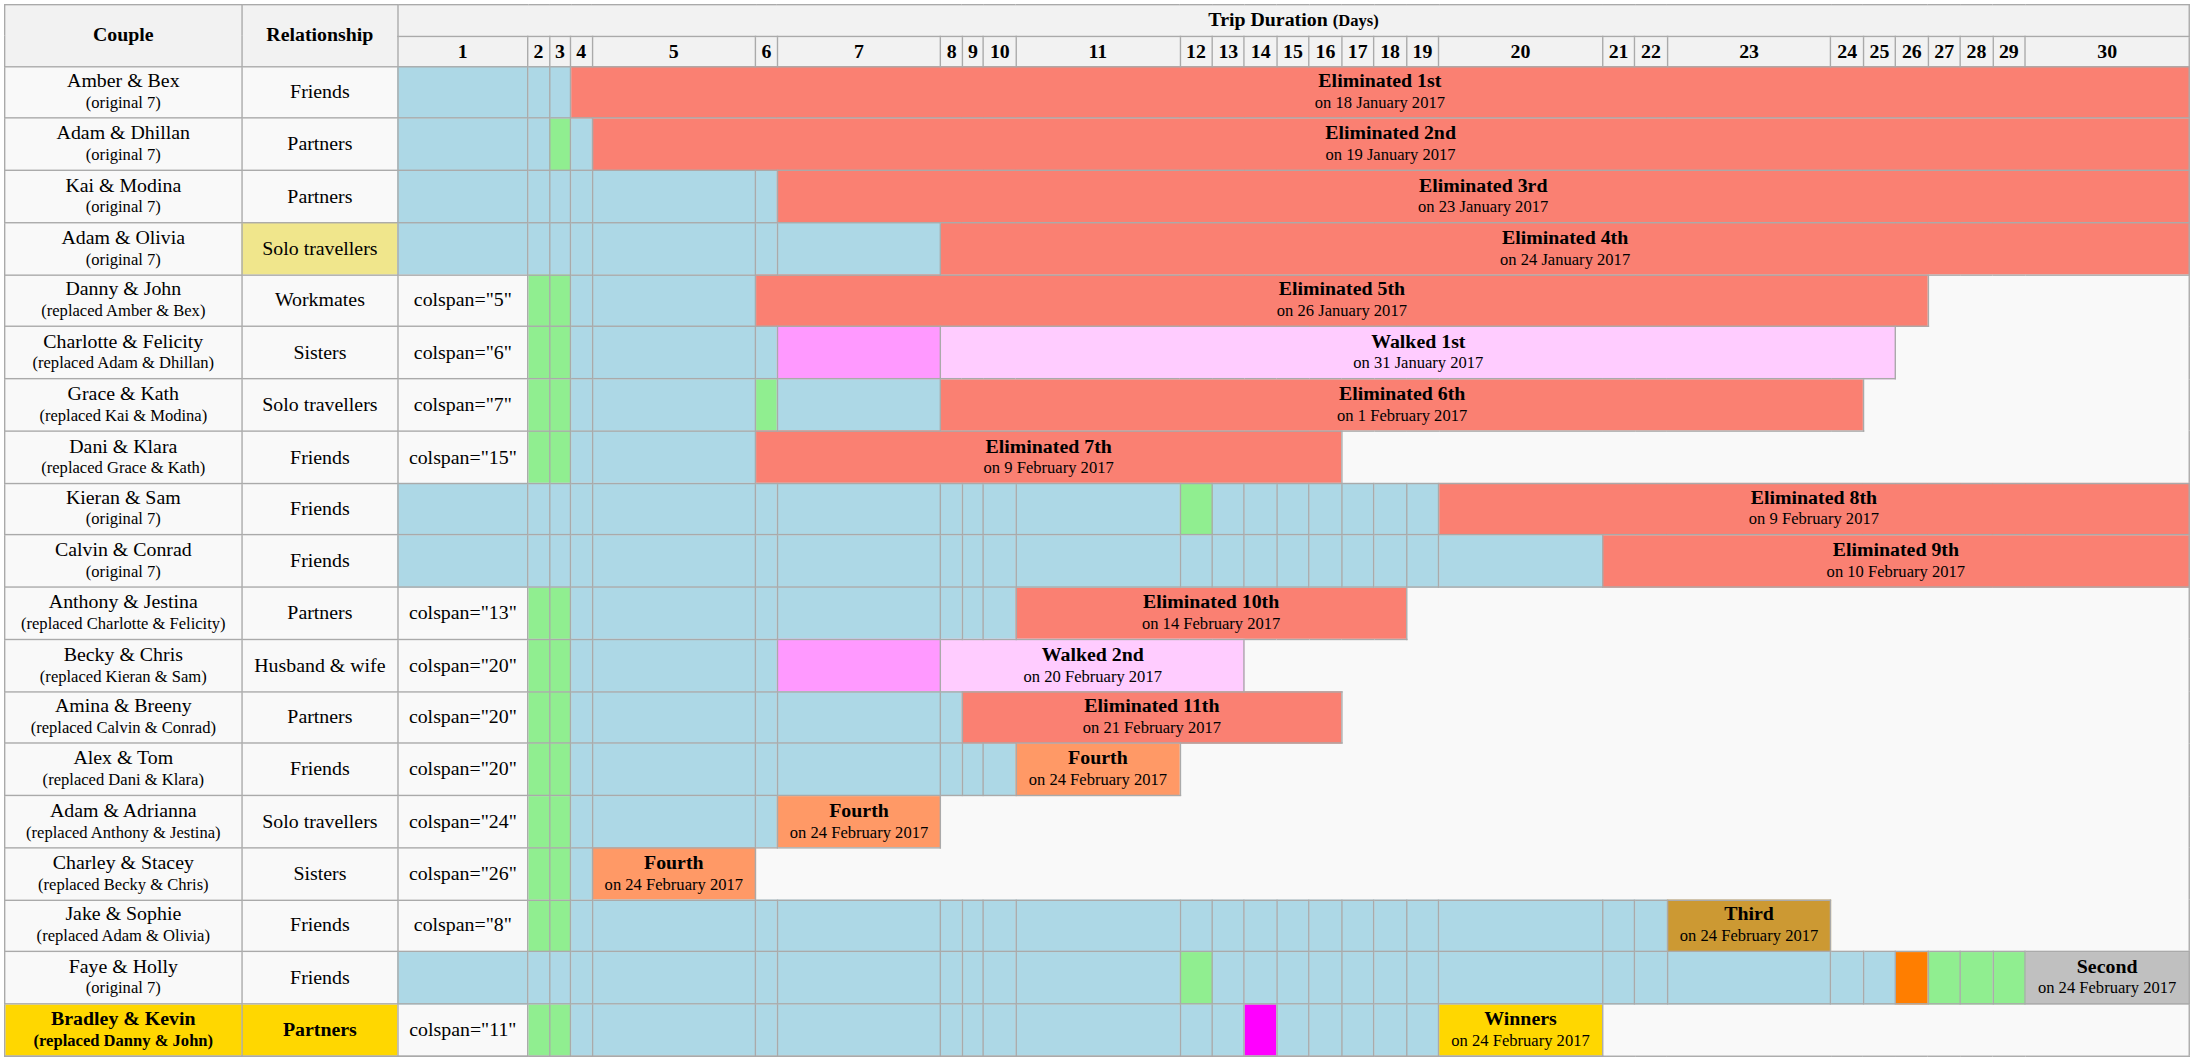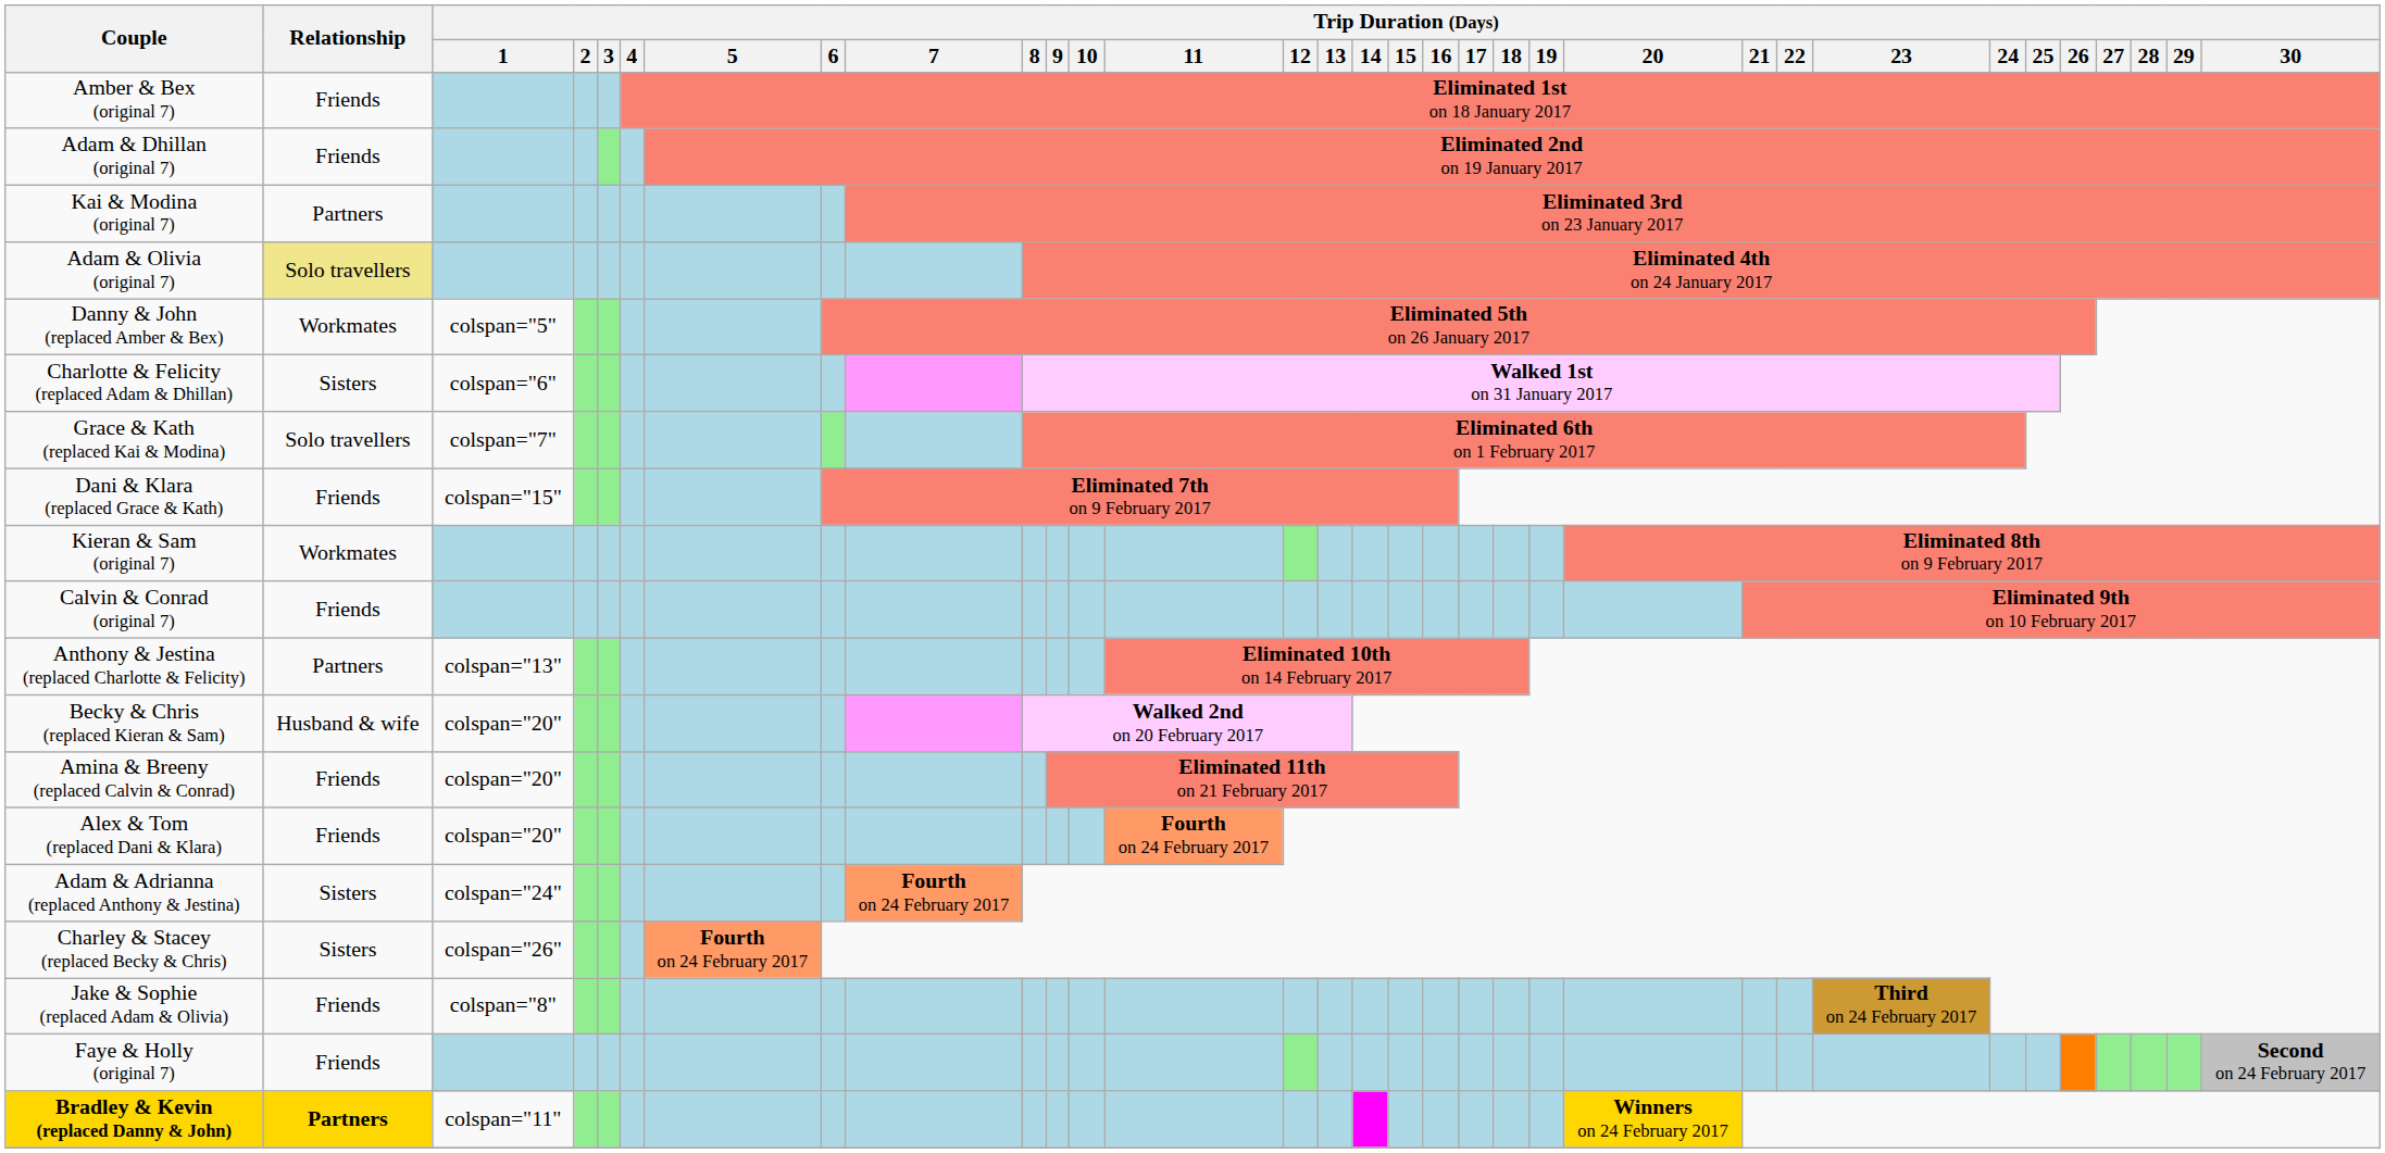 <table class="wikitable" style="text-align:center; width:100%; font-size:90%; line-height:15px;">
 <tr>
 <th rowspan="2">Couple</th>
 <th rowspan="2">Relationship</th>
 <th colspan="31">Trip Duration <small>(Days)</small></th>
 </tr>
 <tr>
 <th>1</th>
 <th>2</th>
 <th>3</th>
 <th>4</th>
 <th>5</th>
 <th>6</th>
 <th>7</th>
 <th>8</th>
 <th>9</th>
 <th>10</th>
 <th>11</th>
 <th>12</th>
 <th>13</th>
 <th>14</th>
 <th>15</th>
 <th>16</th>
 <th>17</th>
 <th>18</th>
 <th>19</th>
 <th>20</th>
 <th>21</th>
 <th>22</th>
 <th>23</th>
 <th>24</th>
 <th>25</th>
 <th>26</th>
 <th>27</th>
 <th>28</th>
 <th>29</th>
 <th>30</th>
 </tr>
 <tr>
 <td>Amber & Bex<br><small>(original 7)</small></td>
 <td>Friends</td>
 <td style="background:lightblue;"></td>
 <td style="background:lightblue;"></td>
 <td style="background:lightblue;"></td>
 <td colspan="27" style="background:salmon;"><strong>Eliminated 1st</strong><br><small>on 18 January 2017</small></td>
 </tr>
 <tr>
 <td>Adam & Dhillan<br><small>(original 7)</small></td>
-<td>Partners</td>
+<td>Friends</td>
 <td style="background:lightblue;"></td>
 <td style="background:lightblue;"></td>
 <td style="background:lightgreen;"></td>
 <td style="background:lightblue;"></td>
 <td colspan="26" style="background:salmon;"><strong>Eliminated 2nd</strong><br><small>on 19 January 2017</small></td>
 </tr>
 <tr>
 <td>Kai & Modina<br><small>(original 7)</small></td>
 <td>Partners</td>
 <td style="background:lightblue;"></td>
 <td style="background:lightblue;"></td>
 <td style="background:lightblue;"></td>
 <td style="background:lightblue;"></td>
 <td style="background:lightblue;"></td>
 <td style="background:lightblue;"></td>
 <td colspan="24" style="background:salmon;"><strong>Eliminated 3rd</strong><br><small>on 23 January 2017</small></td>
 </tr>
 <tr>
 <td>Adam & Olivia<br><small>(original 7)</small></td>
 <td style="background: khaki;">Solo travellers</td>
 <td style="background:lightblue;"></td>
 <td style="background:lightblue;"></td>
 <td style="background:lightblue;"></td>
 <td style="background:lightblue;"></td>
 <td style="background:lightblue;"></td>
 <td style="background:lightblue;"></td>
 <td style="background:lightblue;"></td>
 <td colspan="23" style="background:salmon;"><strong>Eliminated 4th</strong><br><small>on 24 January 2017</small></td>
 </tr>
 <tr>
 <td>Danny & John<br><small>(replaced Amber & Bex)</small></td>
 <td>Workmates</td>
 <td>colspan="5" </td>
 <td style="background:lightgreen;"></td>
 <td style="background:lightgreen;"></td>
 <td style="background:lightblue;"></td>
 <td style="background:lightblue;"></td>
 <td colspan="21" style="background:salmon;"><strong>Eliminated 5th</strong><br><small>on 26 January 2017</small></td>
 </tr>
 <tr>
 <td>Charlotte & Felicity<br><small>(replaced Adam & Dhillan)</small></td>
 <td>Sisters</td>
 <td>colspan="6" </td>
 <td style="background:lightgreen;"></td>
 <td style="background:lightgreen;"></td>
 <td style="background:lightblue;"></td>
 <td style="background:lightblue;"></td>
 <td style="background:lightblue;"></td>
 <td style="background:#ff99ff;"></td>
 <td colspan="18" style="background:#ffccff;"><strong>Walked 1st</strong><br><small>on 31 January 2017</small></td>
 </tr>
 <tr>
 <td>Grace & Kath<br><small>(replaced Kai & Modina)</small></td>
 <td>Solo travellers</td>
 <td>colspan="7" </td>
 <td style="background:lightgreen;"></td>
 <td style="background:lightgreen;"></td>
 <td style="background:lightblue;"></td>
 <td style="background:lightblue;"></td>
 <td style="background:lightgreen;"></td>
 <td style="background:lightblue;"></td>
 <td colspan="17" style="background:salmon;"><strong>Eliminated 6th</strong><br><small>on 1 February 2017</small></td>
 </tr>
 <tr>
 <td>Dani & Klara<br><small>(replaced Grace & Kath)</small></td>
 <td>Friends</td>
 <td>colspan="15" </td>
 <td style="background:lightgreen;"></td>
 <td style="background:lightgreen;"></td>
 <td style="background:lightblue;"></td>
 <td style="background:lightblue;"></td>
 <td colspan="11" style="background:salmon;"><strong>Eliminated 7th</strong><br><small>on 9 February 2017</small></td>
 </tr>
 <tr>
 <td>Kieran & Sam<br><small>(original 7)</small></td>
-<td>Friends</td>
+<td>Workmates</td>
 <td style="background:lightblue;"></td>
 <td style="background:lightblue;"></td>
 <td style="background:lightblue;"></td>
 <td style="background:lightblue;"></td>
 <td style="background:lightblue;"></td>
 <td style="background:lightblue;"></td>
 <td style="background:lightblue;"></td>
 <td style="background:lightblue;"></td>
 <td style="background:lightblue;"></td>
 <td style="background:lightblue;"></td>
 <td style="background:lightblue;"></td>
 <td style="background:lightgreen;"></td>
 <td style="background:lightblue;"></td>
 <td style="background:lightblue;"></td>
 <td style="background:lightblue;"></td>
 <td style="background:lightblue;"></td>
 <td style="background:lightblue;"></td>
 <td style="background:lightblue;"></td>
 <td style="background:lightblue;"></td>
 <td colspan="11" style="background:salmon;"><strong>Eliminated 8th</strong><br><small>on 9 February 2017</small></td>
 </tr>
 <tr>
 <td>Calvin & Conrad<br><small>(original 7)</small></td>
 <td>Friends</td>
 <td style="background:lightblue;"></td>
 <td style="background:lightblue;"></td>
 <td style="background:lightblue;"></td>
 <td style="background:lightblue;"></td>
 <td style="background:lightblue;"></td>
 <td style="background:lightblue;"></td>
 <td style="background:lightblue;"></td>
 <td style="background:lightblue;"></td>
 <td style="background:lightblue;"></td>
 <td style="background:lightblue;"></td>
 <td style="background:lightblue;"></td>
 <td style="background:lightblue;"></td>
 <td style="background:lightblue;"></td>
 <td style="background:lightblue;"></td>
 <td style="background:lightblue;"></td>
 <td style="background:lightblue;"></td>
 <td style="background:lightblue;"></td>
 <td style="background:lightblue;"></td>
 <td style="background:lightblue;"></td>
 <td style="background:lightblue;"></td>
 <td colspan="10" style="background:salmon;"><strong>Eliminated 9th</strong><br><small>on 10 February 2017</small></td>
 </tr>
 <tr>
 <td>Anthony & Jestina<br><small>(replaced Charlotte & Felicity)</small></td>
 <td>Partners</td>
 <td>colspan="13" </td>
 <td style="background:lightgreen;"></td>
 <td style="background:lightgreen;"></td>
 <td style="background:lightblue;"></td>
 <td style="background:lightblue;"></td>
 <td style="background:lightblue;"></td>
 <td style="background:lightblue;"></td>
 <td style="background:lightblue;"></td>
 <td style="background:lightblue;"></td>
 <td style="background:lightblue;"></td>
 <td colspan="8" style="background:salmon;"><strong>Eliminated 10th</strong><br><small>on 14 February 2017</small></td>
 </tr>
 <tr>
 <td>Becky & Chris<br><small>(replaced Kieran & Sam)</small></td>
 <td>Husband & wife</td>
 <td>colspan="20" </td>
 <td style="background:lightgreen;"></td>
 <td style="background:lightgreen;"></td>
 <td style="background:lightblue;"></td>
 <td style="background:lightblue;"></td>
 <td style="background:lightblue;"></td>
 <td style="background:#ff99ff;"></td>
 <td colspan="6" style="background:#ffccff;"><strong>Walked 2nd</strong><br><small>on 20 February 2017</small></td>
 </tr>
 <tr>
 <td>Amina & Breeny<br><small>(replaced Calvin & Conrad)</small></td>
-<td>Partners</td>
+<td>Friends</td>
 <td>colspan="20" </td>
 <td style="background:lightgreen;"></td>
 <td style="background:lightgreen;"></td>
 <td style="background:lightblue;"></td>
 <td style="background:lightblue;"></td>
 <td style="background:lightblue;"></td>
 <td style="background:lightblue;"></td>
 <td style="background:lightblue;"></td>
 <td colspan="8" style="background:salmon;"><strong>Eliminated 11th</strong><br><small>on 21 February 2017</small></td>
 </tr>
 <tr>
 <td>Alex & Tom<br><small>(replaced Dani & Klara)</small></td>
 <td>Friends</td>
 <td>colspan="20" </td>
 <td style="background:lightgreen;"></td>
 <td style="background:lightgreen;"></td>
 <td style="background:lightblue;"></td>
 <td style="background:lightblue;"></td>
 <td style="background:lightblue;"></td>
 <td style="background:lightblue;"></td>
 <td style="background:lightblue;"></td>
 <td style="background:lightblue;"></td>
 <td style="background:lightblue;"></td>
 <td style="background:#ff9966;"><strong>Fourth</strong><br><small>on 24 February 2017</small></td>
 </tr>
 <tr>
 <td>Adam & Adrianna<br><small>(replaced Anthony & Jestina)</small></td>
-<td>Solo travellers</td>
+<td>Sisters</td>
 <td>colspan="24" </td>
 <td style="background:lightgreen;"></td>
 <td style="background:lightgreen;"></td>
 <td style="background:lightblue;"></td>
 <td style="background:lightblue;"></td>
 <td style="background:lightblue;"></td>
 <td style="background:#ff9966;"><strong>Fourth</strong><br><small>on 24 February 2017</small></td>
 </tr>
 <tr>
 <td>Charley & Stacey<br><small>(replaced Becky & Chris)</small></td>
 <td>Sisters</td>
 <td>colspan="26" </td>
 <td style="background:lightgreen;"></td>
 <td style="background:lightgreen;"></td>
 <td style="background:lightblue;"></td>
 <td style="background:#ff9966;"><strong>Fourth</strong><br><small>on 24 February 2017</small></td>
 </tr>
 <tr>
 <td>Jake & Sophie<br><small>(replaced Adam & Olivia)</small></td>
 <td>Friends</td>
 <td>colspan="8" </td>
 <td style="background:lightgreen;"></td>
 <td style="background:lightgreen;"></td>
 <td style="background:lightblue;"></td>
 <td style="background:lightblue;"></td>
 <td style="background:lightblue;"></td>
 <td style="background:lightblue;"></td>
 <td style="background:lightblue;"></td>
 <td style="background:lightblue;"></td>
 <td style="background:lightblue;"></td>
 <td style="background:lightblue;"></td>
 <td style="background:lightblue;"></td>
 <td style="background:lightblue;"></td>
 <td style="background:lightblue;"></td>
 <td style="background:lightblue;"></td>
 <td style="background:lightblue;"></td>
 <td style="background:lightblue;"></td>
 <td style="background:lightblue;"></td>
 <td style="background:lightblue;"></td>
 <td style="background:lightblue;"></td>
 <td style="background:lightblue;"></td>
 <td style="background:lightblue;"></td>
 <td style="background:#cc9933;"><strong>Third</strong><br><small>on 24 February 2017</small></td>
 </tr>
 <tr>
 <td>Faye & Holly<br><small>(original 7)</small></td>
 <td>Friends</td>
 <td style="background:lightblue;"></td>
 <td style="background:lightblue;"></td>
 <td style="background:lightblue;"></td>
 <td style="background:lightblue;"></td>
 <td style="background:lightblue;"></td>
 <td style="background:lightblue;"></td>
 <td style="background:lightblue;"></td>
 <td style="background:lightblue;"></td>
 <td style="background:lightblue;"></td>
 <td style="background:lightblue;"></td>
 <td style="background:lightblue;"></td>
 <td style="background:lightgreen;"></td>
 <td style="background:lightblue;"></td>
 <td style="background:lightblue;"></td>
 <td style="background:lightblue;"></td>
 <td style="background:lightblue;"></td>
 <td style="background:lightblue;"></td>
 <td style="background:lightblue;"></td>
 <td style="background:lightblue;"></td>
 <td style="background:lightblue;"></td>
 <td style="background:lightblue;"></td>
 <td style="background:lightblue;"></td>
 <td style="background:lightblue;"></td>
 <td style="background:lightblue;"></td>
 <td style="background:lightblue;"></td>
 <td style="background:#ff7e00;"></td>
 <td style="background:lightgreen;"></td>
 <td style="background:lightgreen;"></td>
 <td style="background:lightgreen;"></td>
 <td style="background:silver;"><strong>Second</strong><br><small>on 24 February 2017</small></td>
 </tr>
 <tr>
 <td style="background:gold;"><strong>Bradley & Kevin<br><small>(replaced Danny & John)</small></strong></td>
 <td style="background:gold;"><strong>Partners</strong></td>
 <td>colspan="11" </td>
 <td style="background:lightgreen;"></td>
 <td style="background:lightgreen;"></td>
 <td style="background:lightblue;"></td>
 <td style="background:lightblue;"></td>
 <td style="background:lightblue;"></td>
 <td style="background:lightblue;"></td>
 <td style="background:lightblue;"></td>
 <td style="background:lightblue;"></td>
 <td style="background:lightblue;"></td>
 <td style="background:lightblue;"></td>
 <td style="background:lightblue;"></td>
 <td style="background:lightblue;"></td>
 <td style="background:#ff00ff;"></td>
 <td style="background:lightblue;"></td>
 <td style="background:lightblue;"></td>
 <td style="background:lightblue;"></td>
 <td style="background:lightblue;"></td>
 <td style="background:lightblue;"></td>
 <td style="background:gold;"><strong>Winners</strong><br><small>on 24 February 2017</small></td>
 </tr>
 <tr>
 </tr>
 </table>
